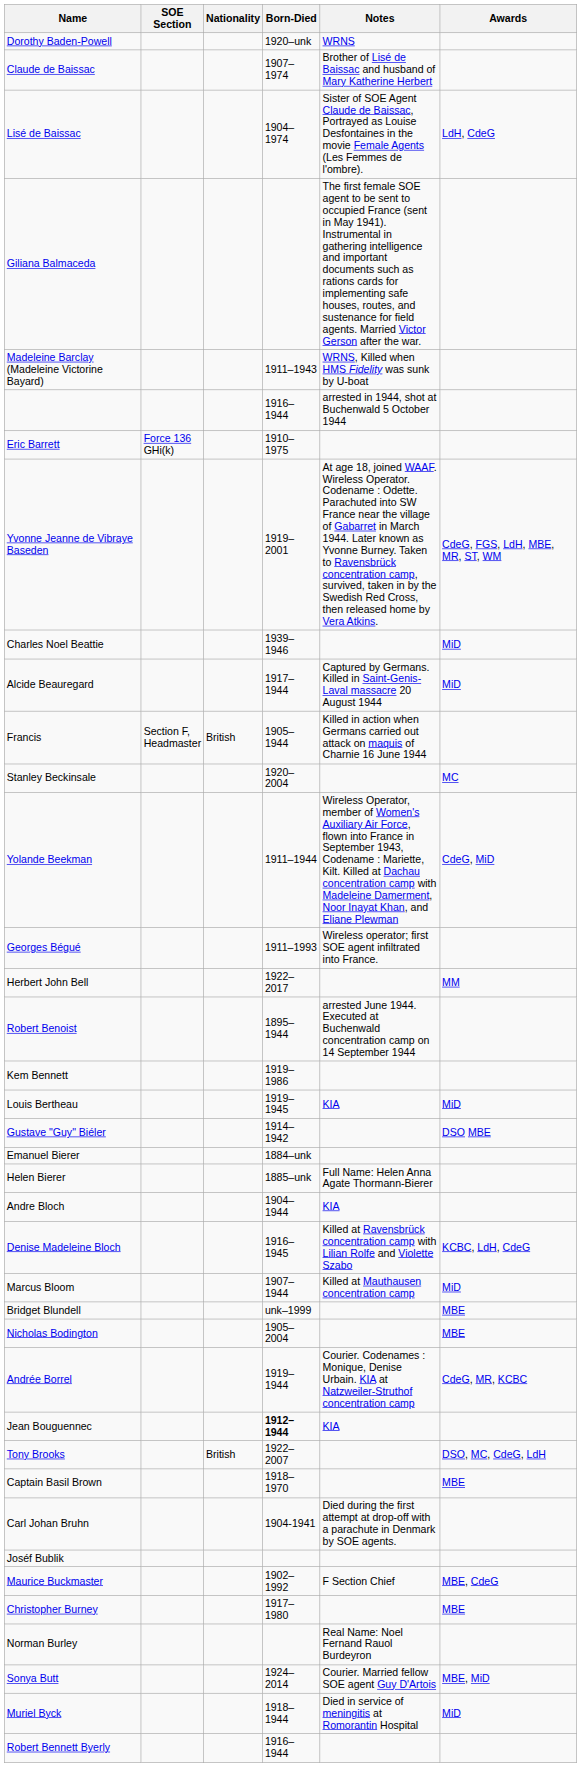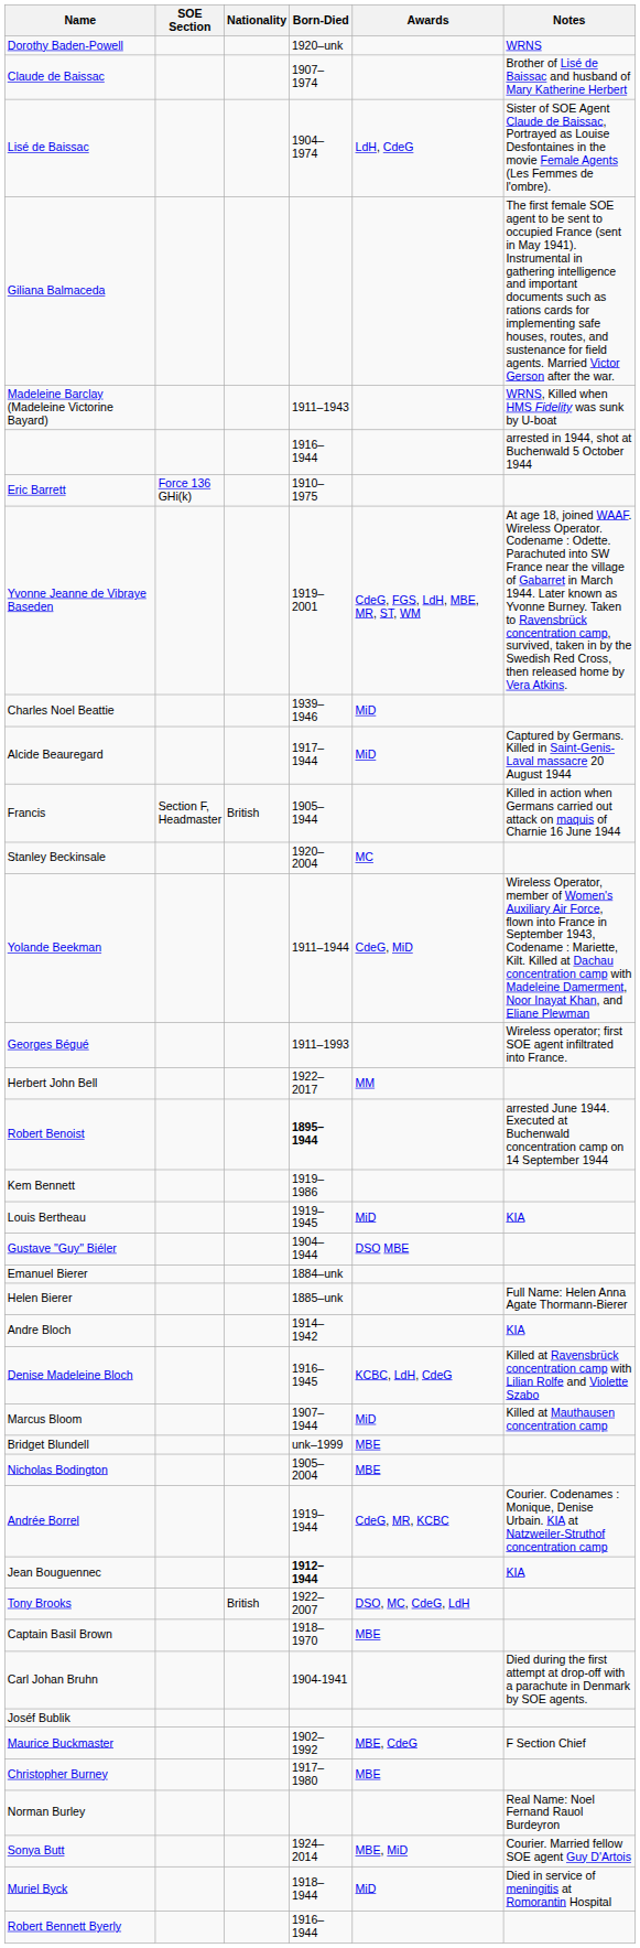 <table class="wikitable">
 <tr>
 <th width="200">Name</th>
 <th width="80">SOE Section</th>
 <th width="80">Nationality</th>
 <th width="80">Born-Died</th>
+<th width="200">Awards</th>
 <th>Notes</th>
-<th width="200">Awards</th>
 </tr>
 <tr>
 <td><a href='#'>Dorothy Baden-Powell</a></td>
 <td></td>
 <td></td>
 <td>1920–unk</td>
+<td></td>
 <td><a href='#'>WRNS</a></td>
-<td></td>
 </tr>
 <tr>
 <td><a href='#'>Claude de Baissac</a></td>
 <td></td>
 <td></td>
 <td>1907–1974</td>
+<td></td>
 <td>Brother of <a href='#'>Lisé de Baissac</a> and husband of <a href='#'>Mary Katherine Herbert</a></td>
-<td></td>
 </tr>
 <tr>
 <td><a href='#'>Lisé de Baissac</a></td>
 <td></td>
 <td></td>
 <td>1904–1974</td>
+<td><a href='#'>LdH</a>, <a href='#'>CdeG</a></td>
 <td>Sister of SOE Agent <a href='#'>Claude de Baissac</a>, Portrayed as Louise Desfontaines in the movie <a href='#'>Female Agents</a> (Les Femmes de l'ombre).</td>
-<td><a href='#'>LdH</a>, <a href='#'>CdeG</a></td>
 </tr>
 <tr>
 <td><a href='#'>Giliana Balmaceda</a></td>
 <td></td>
 <td></td>
 <td></td>
+<td></td>
 <td>The first female SOE agent to be sent to occupied France (sent in May 1941). Instrumental in gathering intelligence and important documents such as rations cards for implementing safe houses, routes, and sustenance for field agents. Married <a href='#'>Victor Gerson</a> after the war.</td>
-<td></td>
 </tr>
 <tr>
 <td><a href='#'>Madeleine Barclay</a> <br>(Madeleine Victorine Bayard)</td>
 <td></td>
 <td></td>
 <td>1911–1943</td>
+<td></td>
 <td><a href='#'>WRNS</a>, Killed when <a href='#'>HMS <em>Fidelity</em></a> was sunk by U-boat</td>
-<td></td>
 </tr>
 <tr>
 <td></td>
 <td></td>
 <td></td>
 <td>1916–1944</td>
+<td></td>
 <td>arrested in 1944, shot at Buchenwald 5 October 1944</td>
-<td></td>
 </tr>
 <tr>
 <td><a href='#'>Eric Barrett</a></td>
 <td><a href='#'>Force 136</a> GHi(k)</td>
 <td></td>
 <td>1910–1975</td>
 <td></td>
 <td></td>
 </tr>
 <tr>
 <td><a href='#'>Yvonne Jeanne de Vibraye Baseden</a></td>
 <td></td>
 <td></td>
 <td>1919–2001</td>
+<td><br><a href='#'>CdeG</a>, <a href='#'>FGS</a>, <a href='#'>LdH</a>, <a href='#'>MBE</a>, <a href='#'>MR</a>, <a href='#'>ST</a>, <a href='#'>WM</a></td>
 <td>At age 18, joined <a href='#'>WAAF</a>. Wireless Operator. Codename : Odette. Parachuted into SW France near the village of <a href='#'>Gabarret</a> in March 1944. Later known as Yvonne Burney. Taken to <a href='#'>Ravensbrück concentration camp</a>, survived, taken in by the Swedish Red Cross, then released home by <a href='#'>Vera Atkins</a>.</td>
-<td><br><a href='#'>CdeG</a>, <a href='#'>FGS</a>, <a href='#'>LdH</a>, <a href='#'>MBE</a>, <a href='#'>MR</a>, <a href='#'>ST</a>, <a href='#'>WM</a></td>
 </tr>
 <tr>
 <td>Charles Noel Beattie</td>
 <td></td>
 <td></td>
 <td>1939–1946</td>
+<td><a href='#'>MiD</a></td>
 <td></td>
-<td><a href='#'>MiD</a></td>
 </tr>
 <tr>
 <td>Alcide Beauregard</td>
 <td></td>
 <td></td>
 <td>1917–1944</td>
+<td><a href='#'>MiD</a></td>
 <td>Captured by Germans. Killed in <a href='#'>Saint-Genis-Laval massacre</a>  20 August 1944</td>
-<td><a href='#'>MiD</a></td>
 </tr>
 <tr>
 <td>Francis </td>
 <td>Section F, Headmaster</td>
 <td>British</td>
 <td>1905–1944</td>
+<td></td>
 <td>Killed in action when Germans carried out attack on <a href='#'>maquis</a> of Charnie 16 June 1944</td>
-<td></td>
 </tr>
 <tr>
 <td>Stanley Beckinsale</td>
 <td></td>
 <td></td>
 <td>1920–2004</td>
+<td><a href='#'>MC</a></td>
 <td></td>
-<td><a href='#'>MC</a></td>
 </tr>
 <tr>
 <td><a href='#'>Yolande Beekman</a></td>
 <td></td>
 <td></td>
 <td>1911–1944</td>
+<td><a href='#'>CdeG</a>, <a href='#'>MiD</a></td>
 <td>Wireless Operator, member of <a href='#'>Women's Auxiliary Air Force</a>, flown into France in September 1943, Codename : Mariette, Kilt. Killed at <a href='#'>Dachau concentration camp</a> with <a href='#'>Madeleine Damerment</a>, <a href='#'>Noor Inayat Khan</a>, and <a href='#'>Eliane Plewman</a></td>
-<td><a href='#'>CdeG</a>, <a href='#'>MiD</a></td>
 </tr>
 <tr>
 <td><a href='#'>Georges Bégué</a></td>
 <td></td>
 <td></td>
 <td>1911–1993</td>
+<td></td>
 <td>Wireless operator; first SOE agent infiltrated into France.</td>
-<td></td>
 </tr>
 <tr>
 <td>Herbert John Bell</td>
 <td></td>
 <td></td>
 <td>1922–2017</td>
+<td><a href='#'>MM</a></td>
 <td></td>
-<td><a href='#'>MM</a></td>
 </tr>
 <tr>
 <td><a href='#'>Robert Benoist</a></td>
 <td></td>
 <td></td>
-<td>1895–1944</td>
+<td><strong>1895–1944</strong></td>
+<td></td>
 <td>arrested June 1944. Executed at Buchenwald concentration camp on 14 September 1944</td>
-<td></td>
 </tr>
 <tr>
 <td>Kem Bennett</td>
 <td></td>
 <td></td>
 <td>1919–1986</td>
 <td></td>
 <td></td>
 </tr>
 <tr>
 <td>Louis Bertheau</td>
 <td></td>
 <td></td>
 <td>1919–1945</td>
+<td><a href='#'>MiD</a></td>
 <td><a href='#'>KIA</a></td>
-<td><a href='#'>MiD</a></td>
 </tr>
 <tr>
 <td><a href='#'>Gustave "Guy" Biéler</a></td>
 <td></td>
 <td></td>
-<td>1914–1942</td>
+<td>1904–1944</td>
+<td><a href='#'>DSO</a> <a href='#'>MBE</a></td>
 <td></td>
-<td><a href='#'>DSO</a> <a href='#'>MBE</a></td>
 </tr>
 <tr>
 <td>Emanuel Bierer</td>
 <td></td>
 <td></td>
 <td>1884–unk</td>
 <td></td>
 <td></td>
 </tr>
 <tr>
 <td>Helen Bierer</td>
 <td></td>
 <td></td>
 <td>1885–unk</td>
+<td></td>
 <td>Full Name: Helen Anna Agate Thormann-Bierer</td>
-<td></td>
 </tr>
 <tr>
 <td>Andre Bloch</td>
 <td></td>
 <td></td>
-<td>1904–1944</td>
+<td>1914–1942</td>
+<td></td>
 <td><a href='#'>KIA</a></td>
-<td></td>
 </tr>
 <tr>
 <td><a href='#'>Denise Madeleine Bloch</a></td>
 <td></td>
 <td></td>
 <td>1916–1945</td>
+<td><a href='#'>KCBC</a>, <a href='#'>LdH</a>, <a href='#'>CdeG</a></td>
 <td>Killed at <a href='#'>Ravensbrück concentration camp</a> with <a href='#'>Lilian Rolfe</a> and <a href='#'>Violette Szabo</a></td>
-<td><a href='#'>KCBC</a>, <a href='#'>LdH</a>, <a href='#'>CdeG</a></td>
 </tr>
 <tr>
 <td>Marcus Bloom</td>
 <td></td>
 <td></td>
 <td>1907–1944</td>
+<td><a href='#'>MiD</a></td>
 <td>Killed at <a href='#'>Mauthausen concentration camp</a></td>
-<td><a href='#'>MiD</a></td>
 </tr>
 <tr>
 <td>Bridget Blundell</td>
 <td></td>
 <td></td>
 <td>unk–1999</td>
+<td><a href='#'>MBE</a></td>
 <td></td>
-<td><a href='#'>MBE</a></td>
 </tr>
 <tr>
 <td><a href='#'>Nicholas Bodington</a></td>
 <td></td>
 <td></td>
 <td>1905–2004</td>
+<td><a href='#'>MBE</a></td>
 <td></td>
-<td><a href='#'>MBE</a></td>
 </tr>
 <tr>
 <td><a href='#'>Andrée Borrel</a></td>
 <td></td>
 <td></td>
 <td>1919–1944</td>
+<td><a href='#'>CdeG</a>, <a href='#'>MR</a>, <a href='#'>KCBC</a></td>
 <td>Courier. Codenames : Monique, Denise Urbain. <a href='#'>KIA</a> at <a href='#'>Natzweiler-Struthof concentration camp</a></td>
-<td><a href='#'>CdeG</a>, <a href='#'>MR</a>, <a href='#'>KCBC</a></td>
 </tr>
 <tr>
 <td>Jean Bouguennec</td>
 <td></td>
 <td></td>
 <td><strong>1912–1944</strong></td>
+<td></td>
 <td><a href='#'>KIA</a></td>
-<td></td>
 </tr>
 <tr>
 <td><a href='#'>Tony Brooks</a></td>
 <td></td>
 <td>British</td>
 <td>1922–2007</td>
+<td><a href='#'>DSO</a>, <a href='#'>MC</a>, <a href='#'>CdeG</a>, <a href='#'>LdH</a></td>
 <td></td>
-<td><a href='#'>DSO</a>, <a href='#'>MC</a>, <a href='#'>CdeG</a>, <a href='#'>LdH</a></td>
 </tr>
 <tr>
 <td>Captain Basil Brown</td>
 <td></td>
 <td></td>
 <td>1918–1970</td>
+<td><a href='#'>MBE</a></td>
 <td></td>
-<td><a href='#'>MBE</a></td>
 </tr>
 <tr>
 <td>Carl Johan Bruhn</td>
 <td></td>
 <td></td>
 <td>1904-1941</td>
+<td></td>
 <td>Died during the first attempt at drop-off with a parachute in Denmark by SOE agents.</td>
-<td></td>
 </tr>
 <tr>
 <td>Joséf Bublik</td>
 <td></td>
 <td></td>
 <td></td>
 <td></td>
 <td></td>
 </tr>
 <tr>
 <td><a href='#'>Maurice Buckmaster</a></td>
 <td></td>
 <td></td>
 <td>1902–1992</td>
+<td><a href='#'>MBE</a>, <a href='#'>CdeG</a></td>
 <td>F Section Chief</td>
-<td><a href='#'>MBE</a>, <a href='#'>CdeG</a></td>
 </tr>
 <tr>
 <td><a href='#'>Christopher Burney</a></td>
 <td></td>
 <td></td>
 <td>1917–1980</td>
+<td><a href='#'>MBE</a></td>
 <td></td>
-<td><a href='#'>MBE</a></td>
 </tr>
 <tr>
 <td>Norman Burley</td>
 <td></td>
 <td></td>
 <td></td>
+<td></td>
 <td>Real Name: Noel Fernand Rauol Burdeyron</td>
-<td></td>
 </tr>
 <tr>
 <td><a href='#'>Sonya Butt</a></td>
 <td></td>
 <td></td>
 <td>1924–2014</td>
+<td><a href='#'>MBE</a>, <a href='#'>MiD</a></td>
 <td>Courier. Married fellow SOE agent <a href='#'>Guy D'Artois</a></td>
-<td><a href='#'>MBE</a>, <a href='#'>MiD</a></td>
 </tr>
 <tr>
 <td><a href='#'>Muriel Byck</a></td>
 <td></td>
 <td></td>
 <td>1918–1944</td>
+<td><a href='#'>MiD</a></td>
 <td>Died in service of <a href='#'>meningitis</a> at <a href='#'>Romorantin</a> Hospital</td>
-<td><a href='#'>MiD</a></td>
 </tr>
 <tr>
 <td><a href='#'>Robert Bennett Byerly</a></td>
 <td></td>
 <td></td>
 <td>1916–1944</td>
 <td></td>
 <td></td>
 </tr>
 </table>
